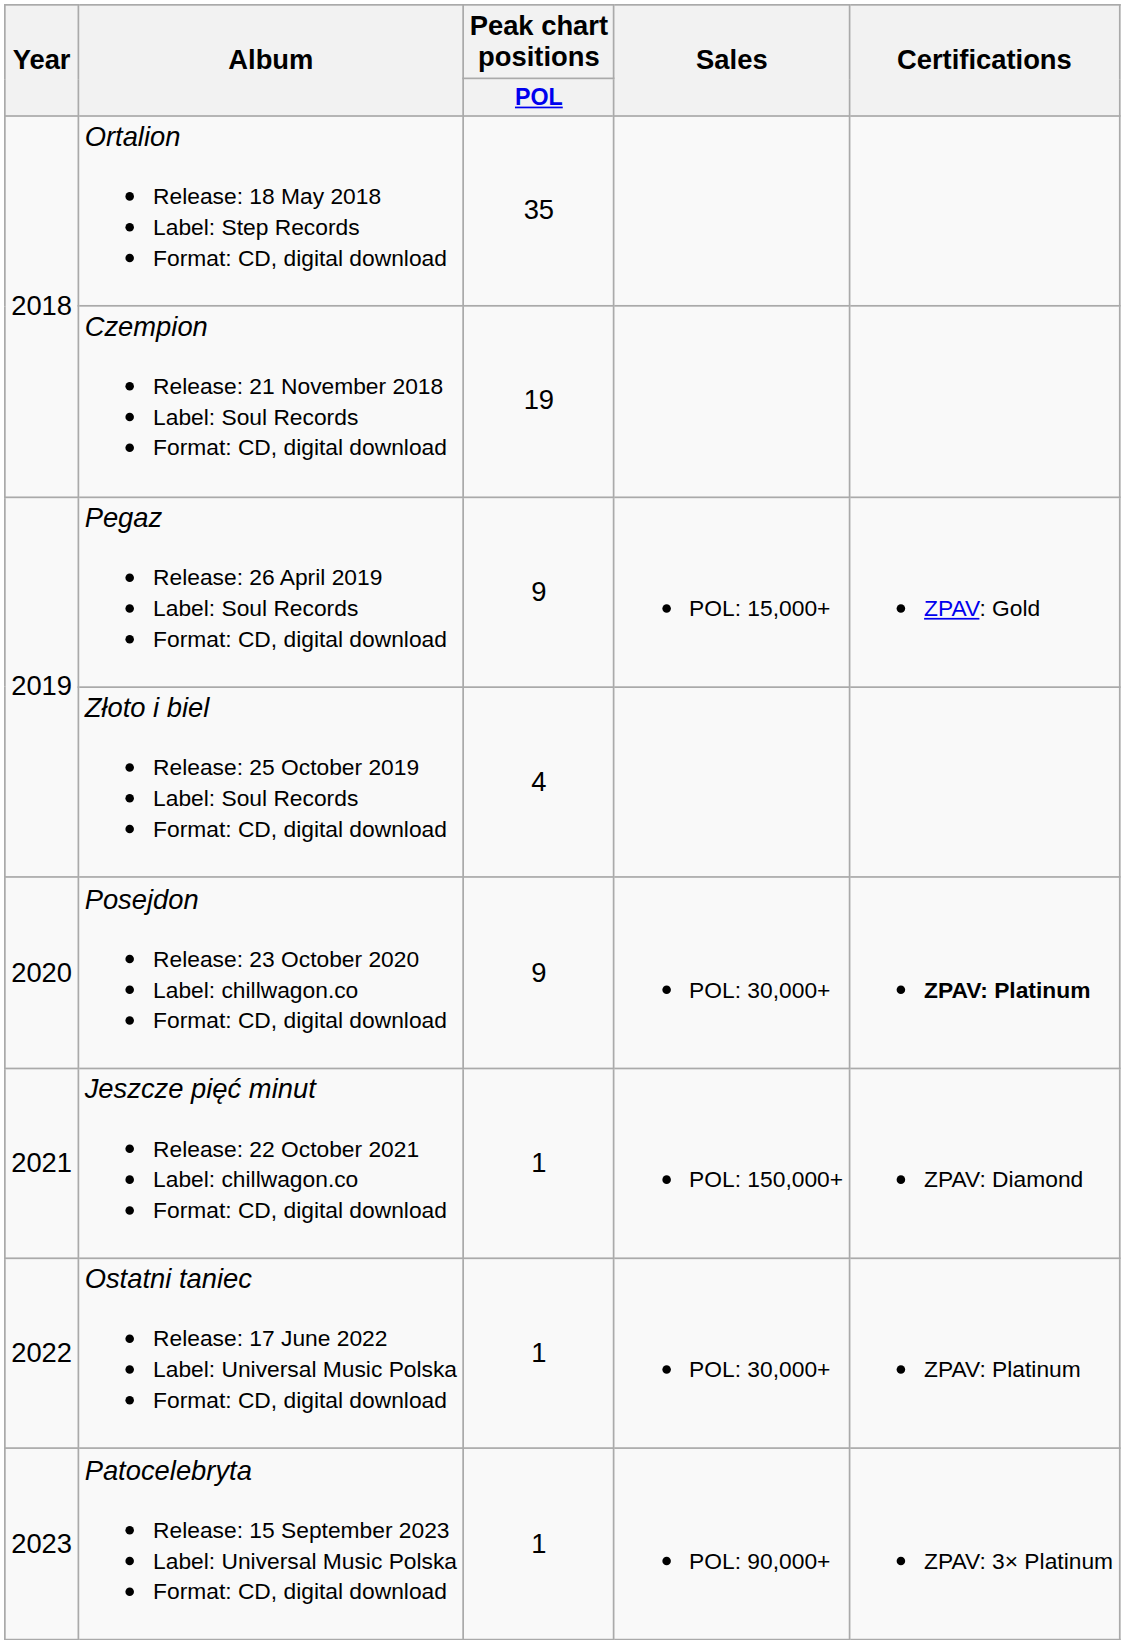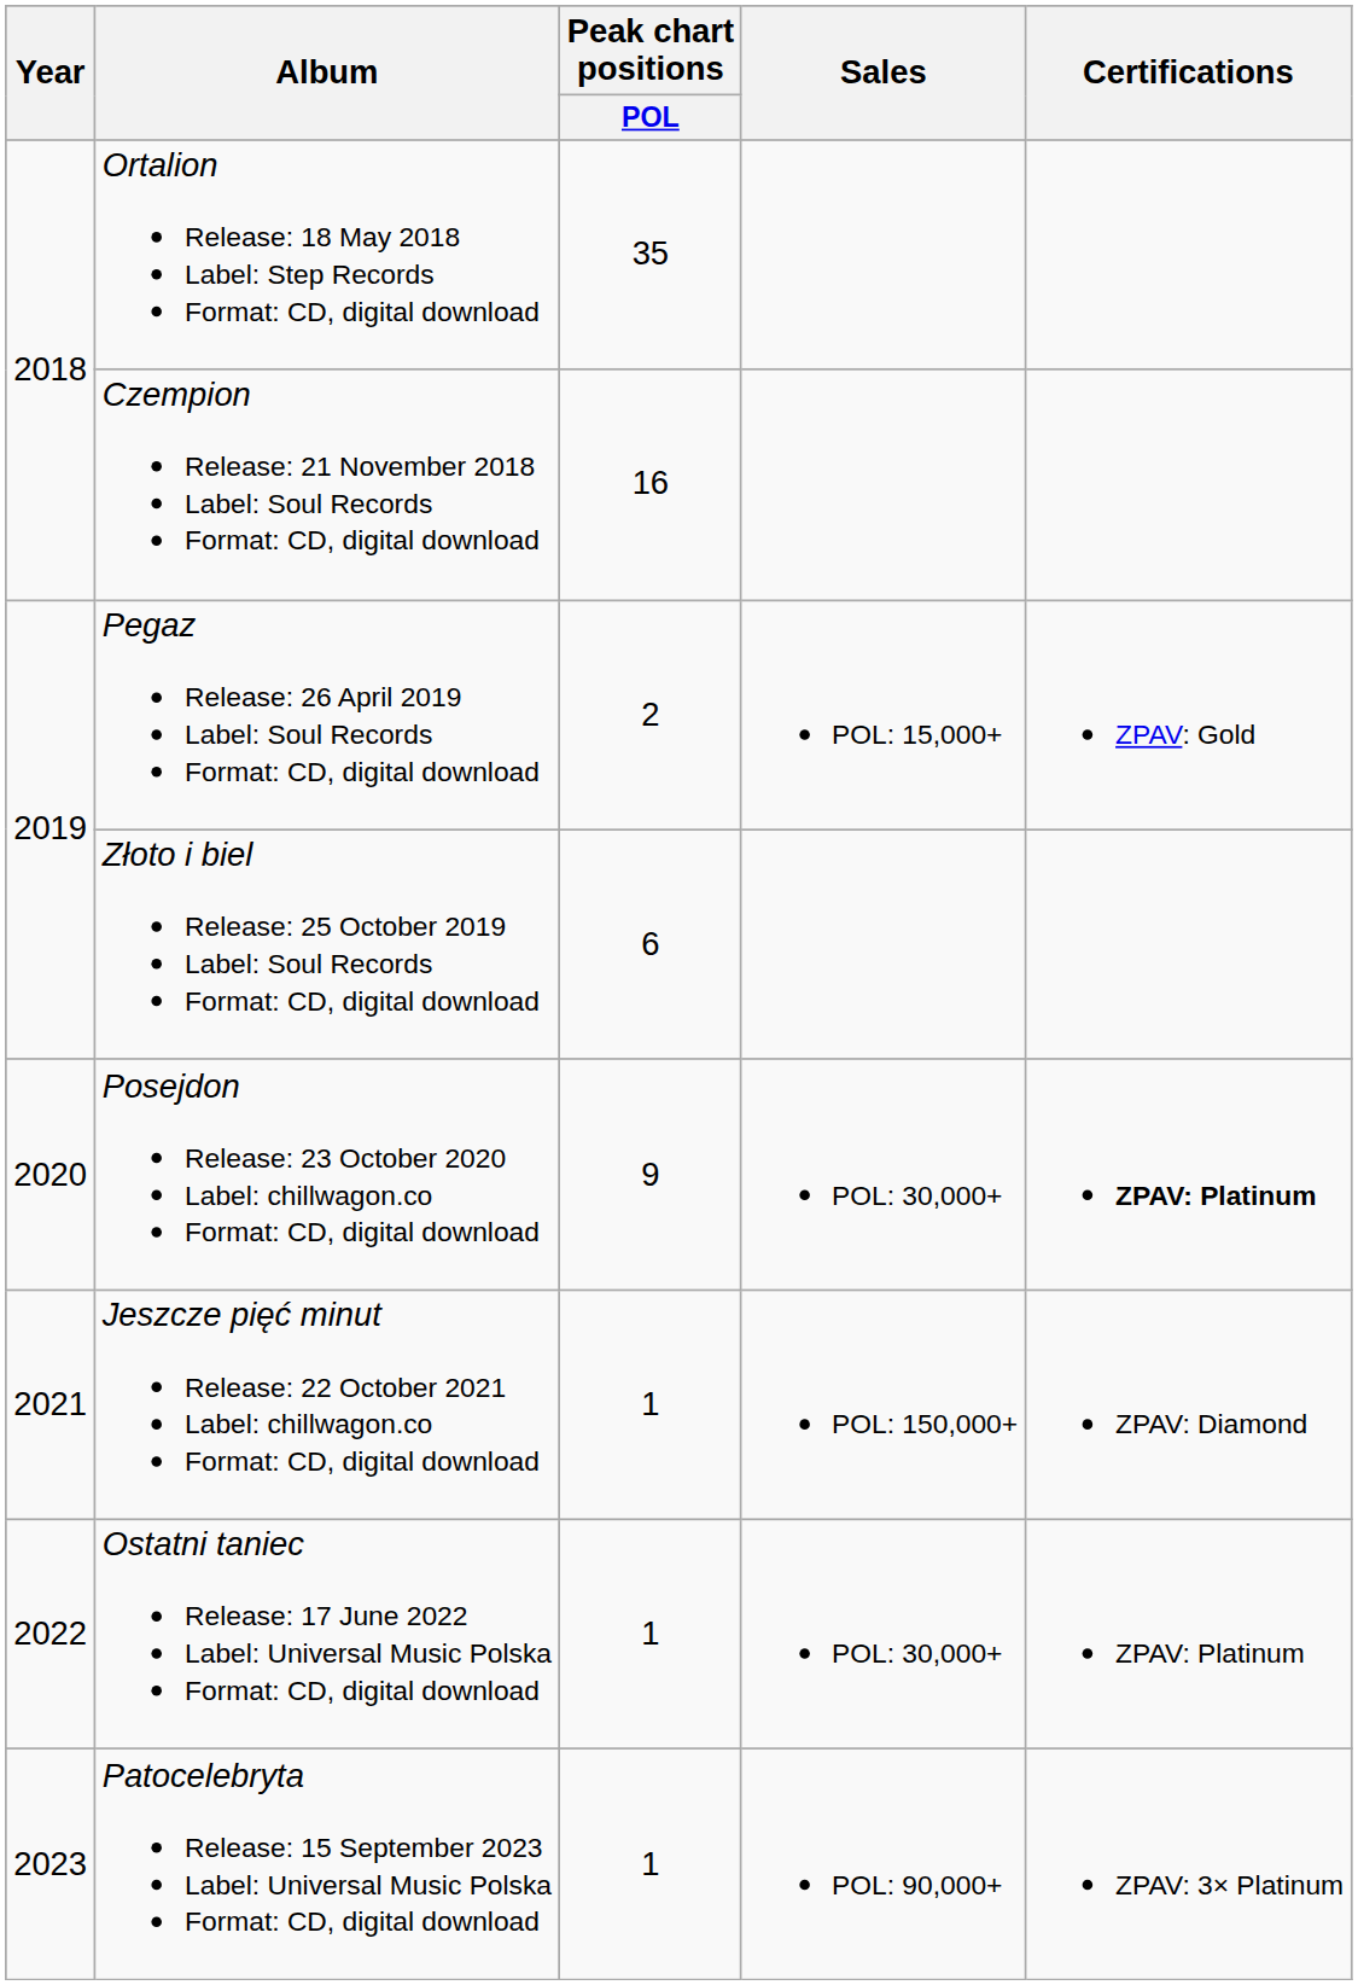 <table class="wikitable" style="text-align:center;">
 <tr>
 <th rowspan="2">Year</th>
 <th rowspan="2">Album</th>
 <th>Peak chart<br>positions</th>
 <th rowspan="2">Sales</th>
 <th rowspan="2">Certifications</th>
 </tr>
 <tr>
 <th style="font-size:85%;"><a href='#'>POL</a><br></th>
 </tr>
 <tr>
 <td rowspan="2">2018</td>
 <td align="left"><em>Ortalion</em><br><ul><li><small>Release: 18 May 2018</small></li><li><small>Label: Step Records</small></li><li><small>Format: CD, digital download</small></li></ul></td>
 <td>35</td>
 <td></td>
 <td></td>
 </tr>
 <tr>
 <td align="left"><em>Czempion</em><br><ul><li><small>Release: 21 November 2018</small></li><li><small>Label: Soul Records</small></li><li><small>Format: CD, digital download</small></li></ul></td>
-<td>19</td>
+<td>16</td>
 <td></td>
 <td></td>
 </tr>
 <tr>
 <td rowspan="2">2019</td>
 <td align="left"><em>Pegaz</em><br><ul><li><small>Release: 26 April 2019</small></li><li><small>Label: Soul Records</small></li><li><small>Format: CD, digital download</small></li></ul></td>
-<td>9</td>
+<td>2</td>
 <td align="left"><br><ul><li><small>POL: 15,000+</small></li></ul></td>
 <td align="left"><br><ul><li><small><a href='#'>ZPAV</a>: Gold</small></li></ul></td>
 </tr>
 <tr>
 <td align="left"><em>Złoto i biel</em><br><ul><li><small>Release: 25 October 2019</small></li><li><small>Label: Soul Records</small></li><li><small>Format: CD, digital download</small></li></ul></td>
-<td>4</td>
+<td>6</td>
 <td></td>
 <td></td>
 </tr>
 <tr>
 <td>2020</td>
 <td align="left"><em>Posejdon</em><br><ul><li><small>Release: 23 October 2020</small></li><li><small>Label: chillwagon.co</small></li><li><small>Format: CD, digital download</small></li></ul></td>
 <td>9</td>
 <td align="left"><br><ul><li><small>POL: 30,000+</small></li></ul></td>
 <td align="left"><strong><br><ul><li><small>ZPAV: Platinum</small></li></ul></strong></td>
 </tr>
 <tr>
 <td>2021</td>
 <td align="left"><em>Jeszcze pięć minut</em><br><ul><li><small>Release: 22 October 2021</small></li><li><small>Label: chillwagon.co</small></li><li><small>Format: CD, digital download</small></li></ul></td>
 <td>1</td>
 <td align="left"><br><ul><li><small>POL: 150,000+</small></li></ul></td>
 <td align="left"><br><ul><li><small>ZPAV: Diamond</small></li></ul></td>
 </tr>
 <tr>
 <td>2022</td>
 <td align="left"><em>Ostatni taniec</em><br><ul><li><small>Release: 17 June 2022</small></li><li><small>Label: Universal Music Polska</small></li><li><small>Format: CD, digital download</small></li></ul></td>
 <td>1</td>
 <td align="left"><br><ul><li><small>POL: 30,000+</small></li></ul></td>
 <td align="left"><br><ul><li><small>ZPAV: Platinum</small></li></ul></td>
 </tr>
 <tr>
 <td>2023</td>
 <td align="left"><em>Patocelebryta</em><br><ul><li><small>Release: 15 September 2023</small></li><li><small>Label: Universal Music Polska</small></li><li><small>Format: CD, digital download</small></li></ul></td>
 <td>1</td>
 <td align="left"><br><ul><li><small>POL: 90,000+</small></li></ul></td>
 <td align="left"><br><ul><li><small>ZPAV: 3× Platinum</small></li></ul></td>
 </tr>
 </table>
